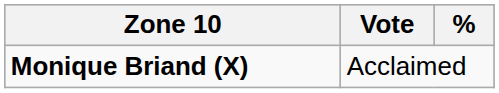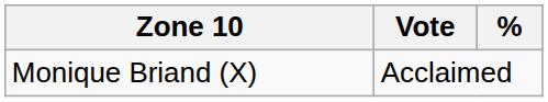 <table class="wikitable">
 <tr>
 <th bgcolor="#DDDDFF" width="200px">Zone 10</th>
 <th bgcolor="#DDDDFF" width="50px">Vote</th>
 <th bgcolor="#DDDDFF" width="30px">%</th>
 </tr>
 <tr>
-<td><strong>Monique Briand (X)</strong></td>
+<td>Monique Briand (X)</td>
 <td colspan="2">Acclaimed</td>
 </tr>
 </table>
